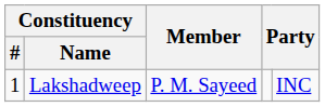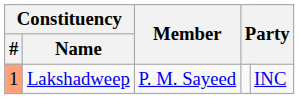 <table class="wikitable">
 <tr>
 <th colspan="2">Constituency</th>
 <th rowspan="2">Member</th>
 <th colspan="2" rowspan="2">Party</th>
 </tr>
 <tr>
 <th>#</th>
 <th>Name</th>
 </tr>
 <tr>
-<td>1</td>
+<td style="background: lightsalmon;">1</td>
 <td><a href='#'>Lakshadweep</a></td>
 <td><a href='#'>P. M. Sayeed</a></td>
 <td style="background-color: "></td>
 <td><a href='#'>INC</a></td>
 </tr>
 </table>
